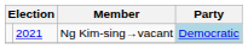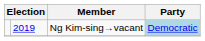 <table class="wikitable">
 <tr>
 <th colspan="2">Election</th>
 <th>Member</th>
 <th>Party</th>
 </tr>
 <tr>
 <td style="color:inherit;background:"></td>
-<td><a href='#'>2021</a></td>
+<td><a href='#'>2019</a></td>
 <td>Ng Kim-sing→vacant</td>
 <td style="background: lightblue;"><a href='#'>Democratic</a></td>
 </tr>
 <tr>
 </tr>
 </table>
